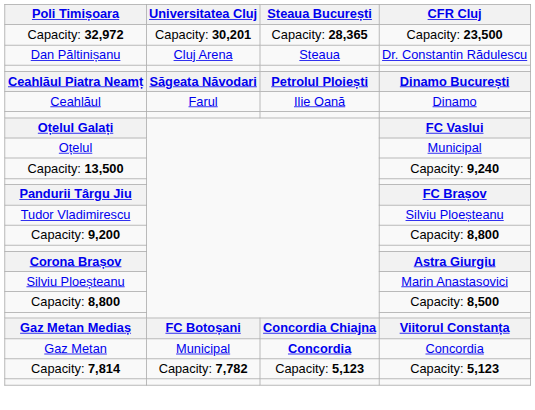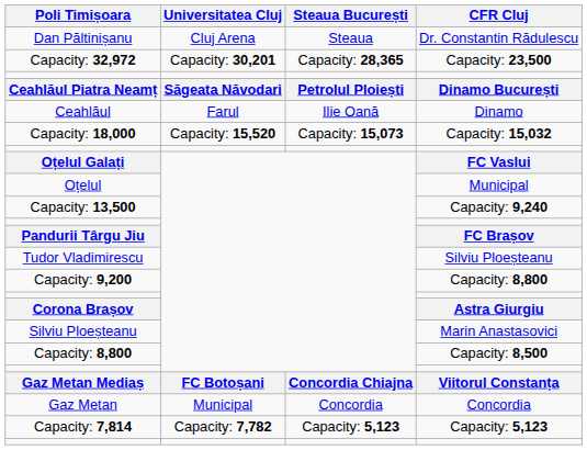 <table class="wikitable" style="text-align:center;margin:0.5em auto;">
 <tr>
 <th><a href='#'>Poli Timișoara</a></th>
 <th><a href='#'>Universitatea Cluj</a></th>
 <th><a href='#'>Steaua București</a></th>
 <th><a href='#'>CFR Cluj</a></th>
 </tr>
 <tr>
+<td><a href='#'>Dan Păltinișanu</a></td>
+<td><a href='#'>Cluj Arena</a></td>
+<td><a href='#'>Steaua</a></td>
+<td><a href='#'>Dr. Constantin Rădulescu</a></td>
+</tr>
+<tr>
 <td>Capacity: <strong>32,972</strong></td>
 <td>Capacity: <strong>30,201</strong></td>
 <td>Capacity: <strong>28,365</strong></td>
 <td>Capacity: <strong>23,500</strong></td>
-</tr>
-<tr>
-<td><a href='#'>Dan Păltinișanu</a></td>
-<td><a href='#'>Cluj Arena</a></td>
-<td><a href='#'>Steaua</a></td>
-<td><a href='#'>Dr. Constantin Rădulescu</a></td>
 </tr>
 <tr>
 <td></td>
 <td></td>
 <td></td>
 <td></td>
 </tr>
 <tr>
 <th><a href='#'>Ceahlăul Piatra Neamț</a></th>
 <th><a href='#'>Săgeata Năvodari</a></th>
 <th><a href='#'>Petrolul Ploiești</a></th>
 <th><a href='#'>Dinamo București</a></th>
 </tr>
 <tr>
 <td><a href='#'>Ceahlăul</a></td>
 <td><a href='#'>Farul</a></td>
 <td><a href='#'>Ilie Oană</a></td>
 <td><a href='#'>Dinamo</a></td>
+</tr>
+<tr>
+<td>Capacity: <strong>18,000</strong></td>
+<td>Capacity: <strong>15,520</strong></td>
+<td>Capacity: <strong>15,073</strong></td>
+<td>Capacity: <strong>15,032</strong></td>
 </tr>
 <tr>
 <td></td>
 <td></td>
 <td></td>
 <td></td>
 </tr>
 <tr>
 <th><a href='#'>Oțelul Galați</a></th>
 <td colspan="2" rowspan="12"><br> </td>
 <th><a href='#'>FC Vaslui</a></th>
 </tr>
 <tr>
 <td><a href='#'>Oțelul</a></td>
 <td><a href='#'>Municipal</a></td>
 </tr>
 <tr>
 <td>Capacity: <strong>13,500</strong></td>
 <td>Capacity: <strong>9,240</strong></td>
 </tr>
 <tr>
 <td></td>
 <td></td>
 </tr>
 <tr>
 <th><a href='#'>Pandurii Târgu Jiu</a></th>
 <th><a href='#'>FC Brașov</a></th>
 </tr>
 <tr>
 <td><a href='#'>Tudor Vladimirescu</a></td>
 <td><a href='#'>Silviu Ploeșteanu</a></td>
 </tr>
 <tr>
 <td>Capacity: <strong>9,200</strong></td>
 <td>Capacity: <strong>8,800</strong></td>
 </tr>
 <tr>
 <td></td>
 <td></td>
 </tr>
 <tr>
 <th><a href='#'>Corona Brașov</a></th>
 <th><a href='#'>Astra Giurgiu</a></th>
 </tr>
 <tr>
 <td><a href='#'>Silviu Ploeșteanu</a></td>
 <td><a href='#'>Marin Anastasovici</a></td>
 </tr>
 <tr>
 <td>Capacity: <strong>8,800</strong></td>
 <td>Capacity: <strong>8,500</strong></td>
 </tr>
 <tr>
 <td></td>
 <td></td>
 </tr>
 <tr>
 <th><a href='#'>Gaz Metan Mediaș</a></th>
 <th><a href='#'>FC Botoșani</a></th>
 <th><a href='#'>Concordia Chiajna</a></th>
 <th><a href='#'>Viitorul Constanța</a></th>
 </tr>
 <tr>
 <td><a href='#'>Gaz Metan</a></td>
 <td><a href='#'>Municipal</a></td>
-<td><strong><a href='#'>Concordia</a></strong></td>
+<td><a href='#'>Concordia</a></td>
 <td><a href='#'>Concordia</a></td>
 </tr>
 <tr>
 <td>Capacity: <strong>7,814</strong></td>
 <td>Capacity: <strong>7,782</strong></td>
 <td>Capacity: <strong>5,123</strong></td>
 <td>Capacity: <strong>5,123</strong></td>
 </tr>
 <tr>
 <td></td>
 <td></td>
 <td></td>
 <td></td>
 </tr>
 </table>
